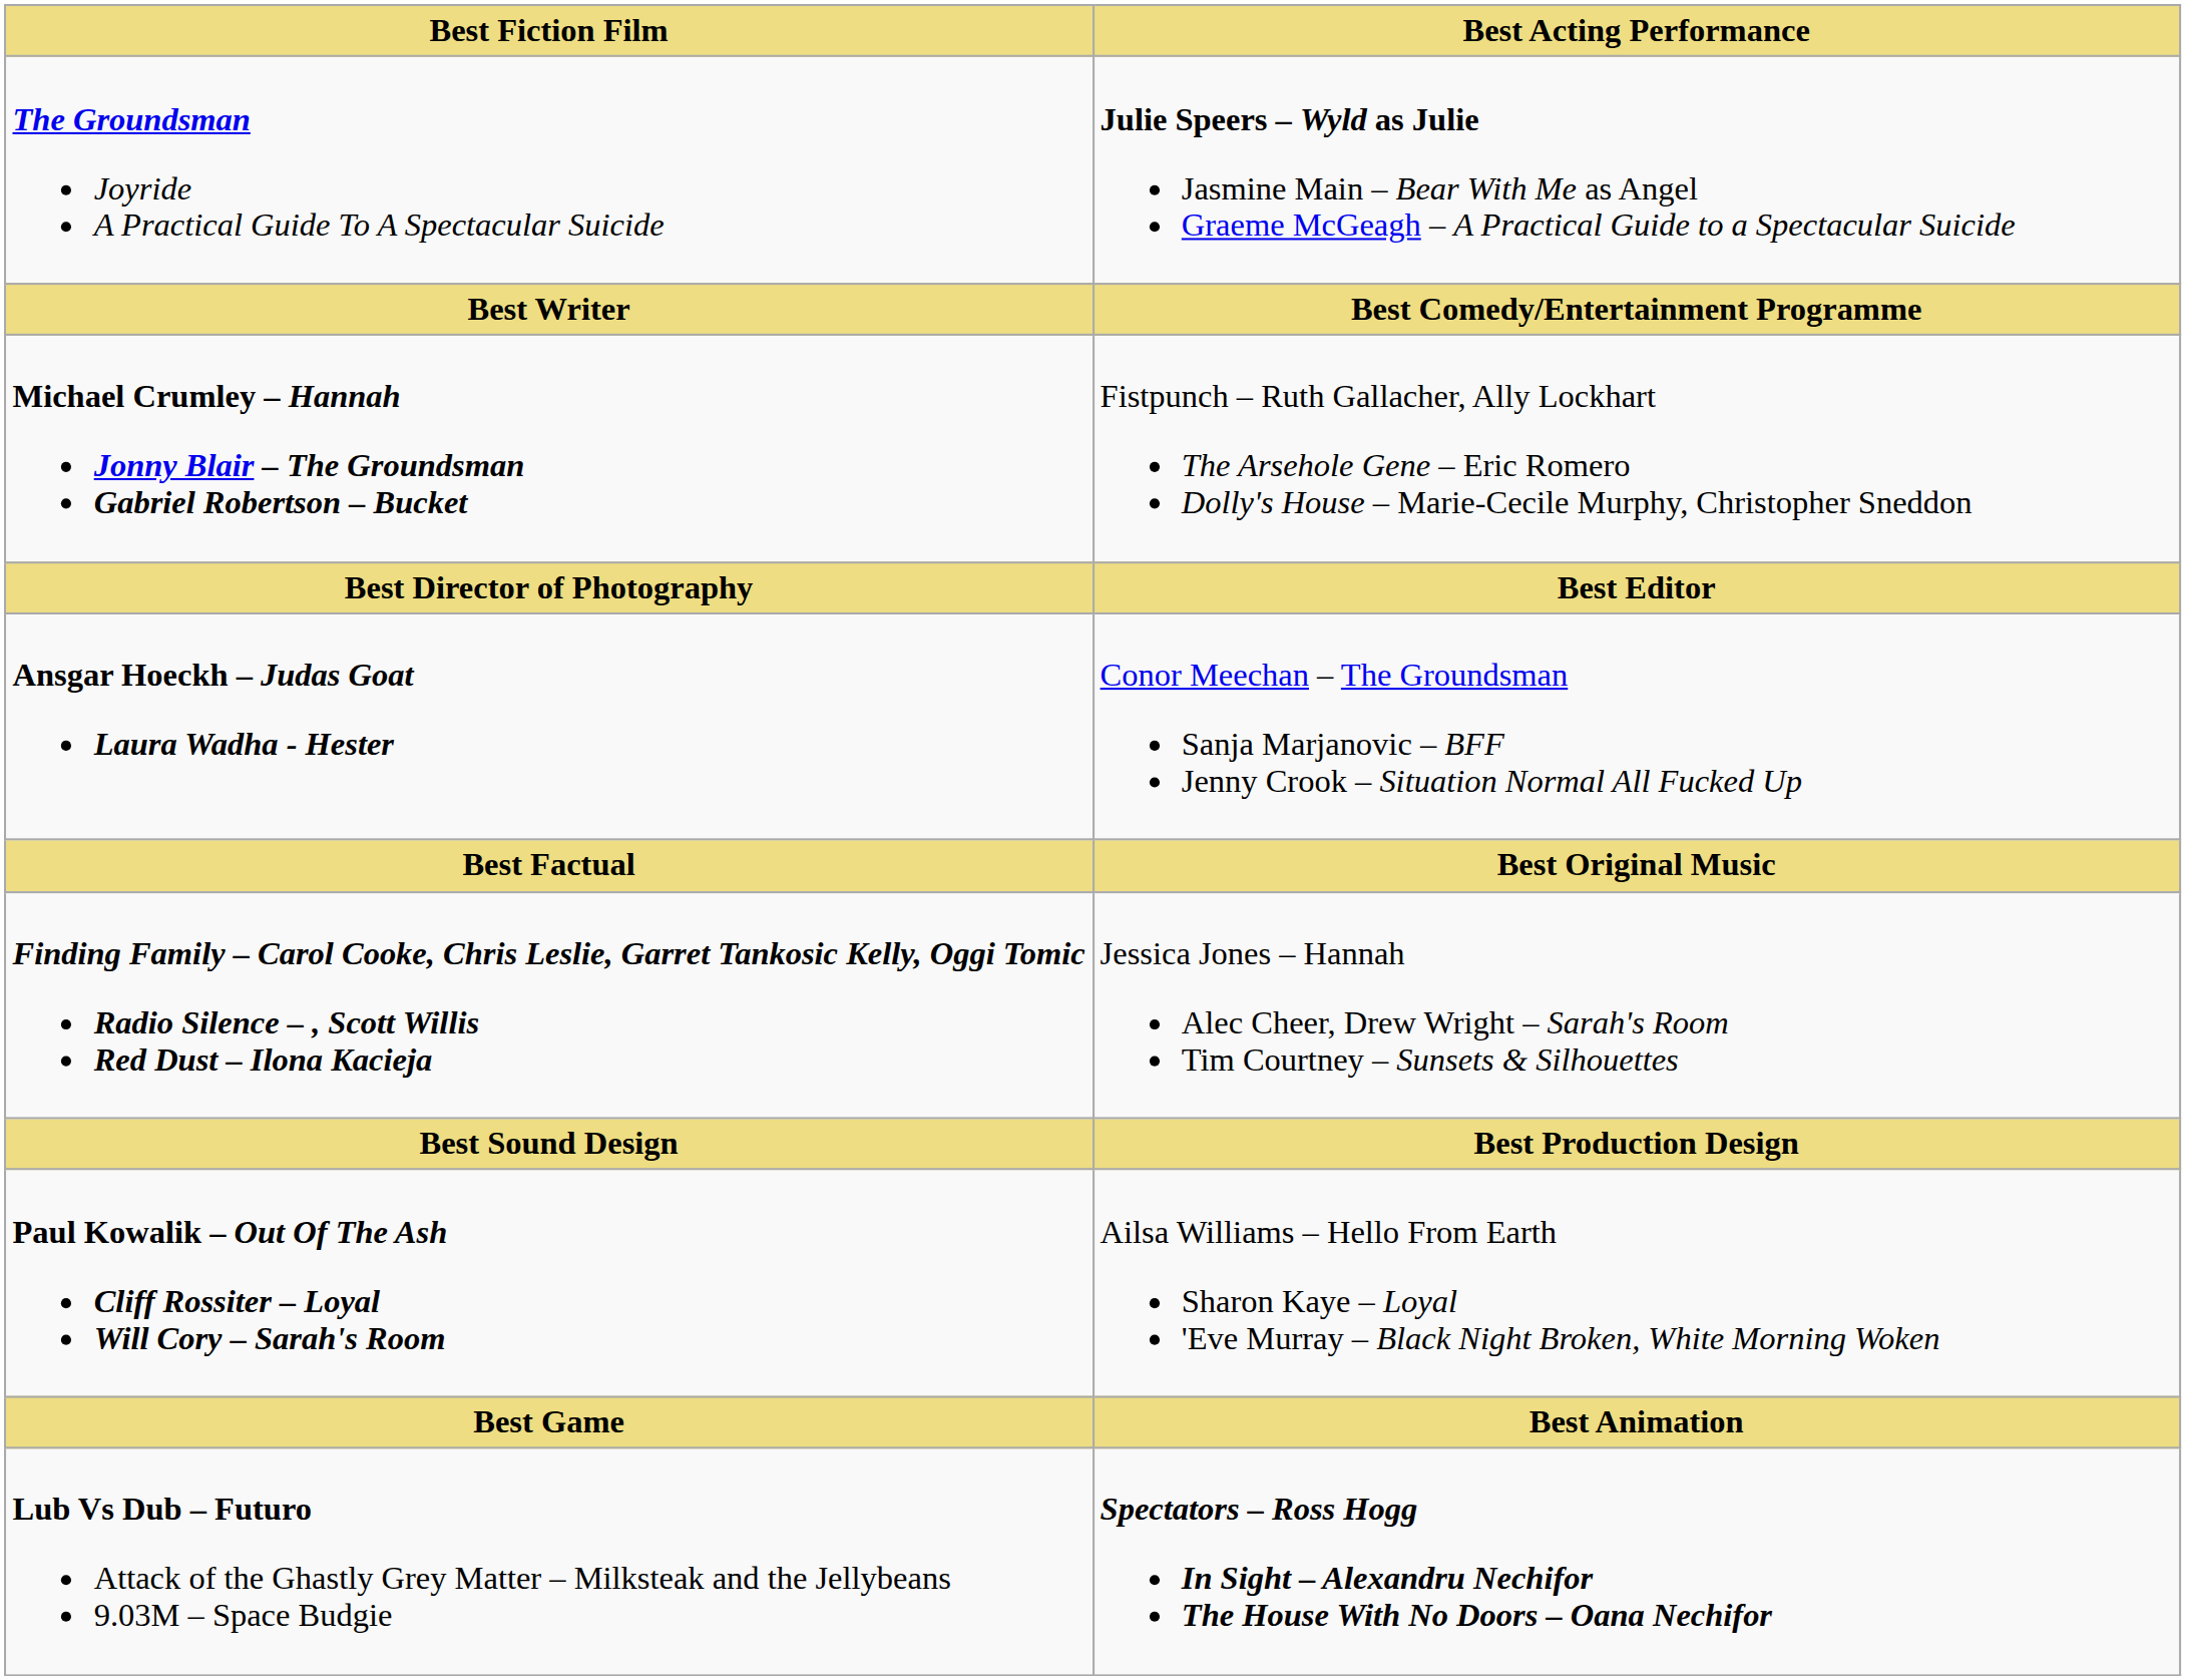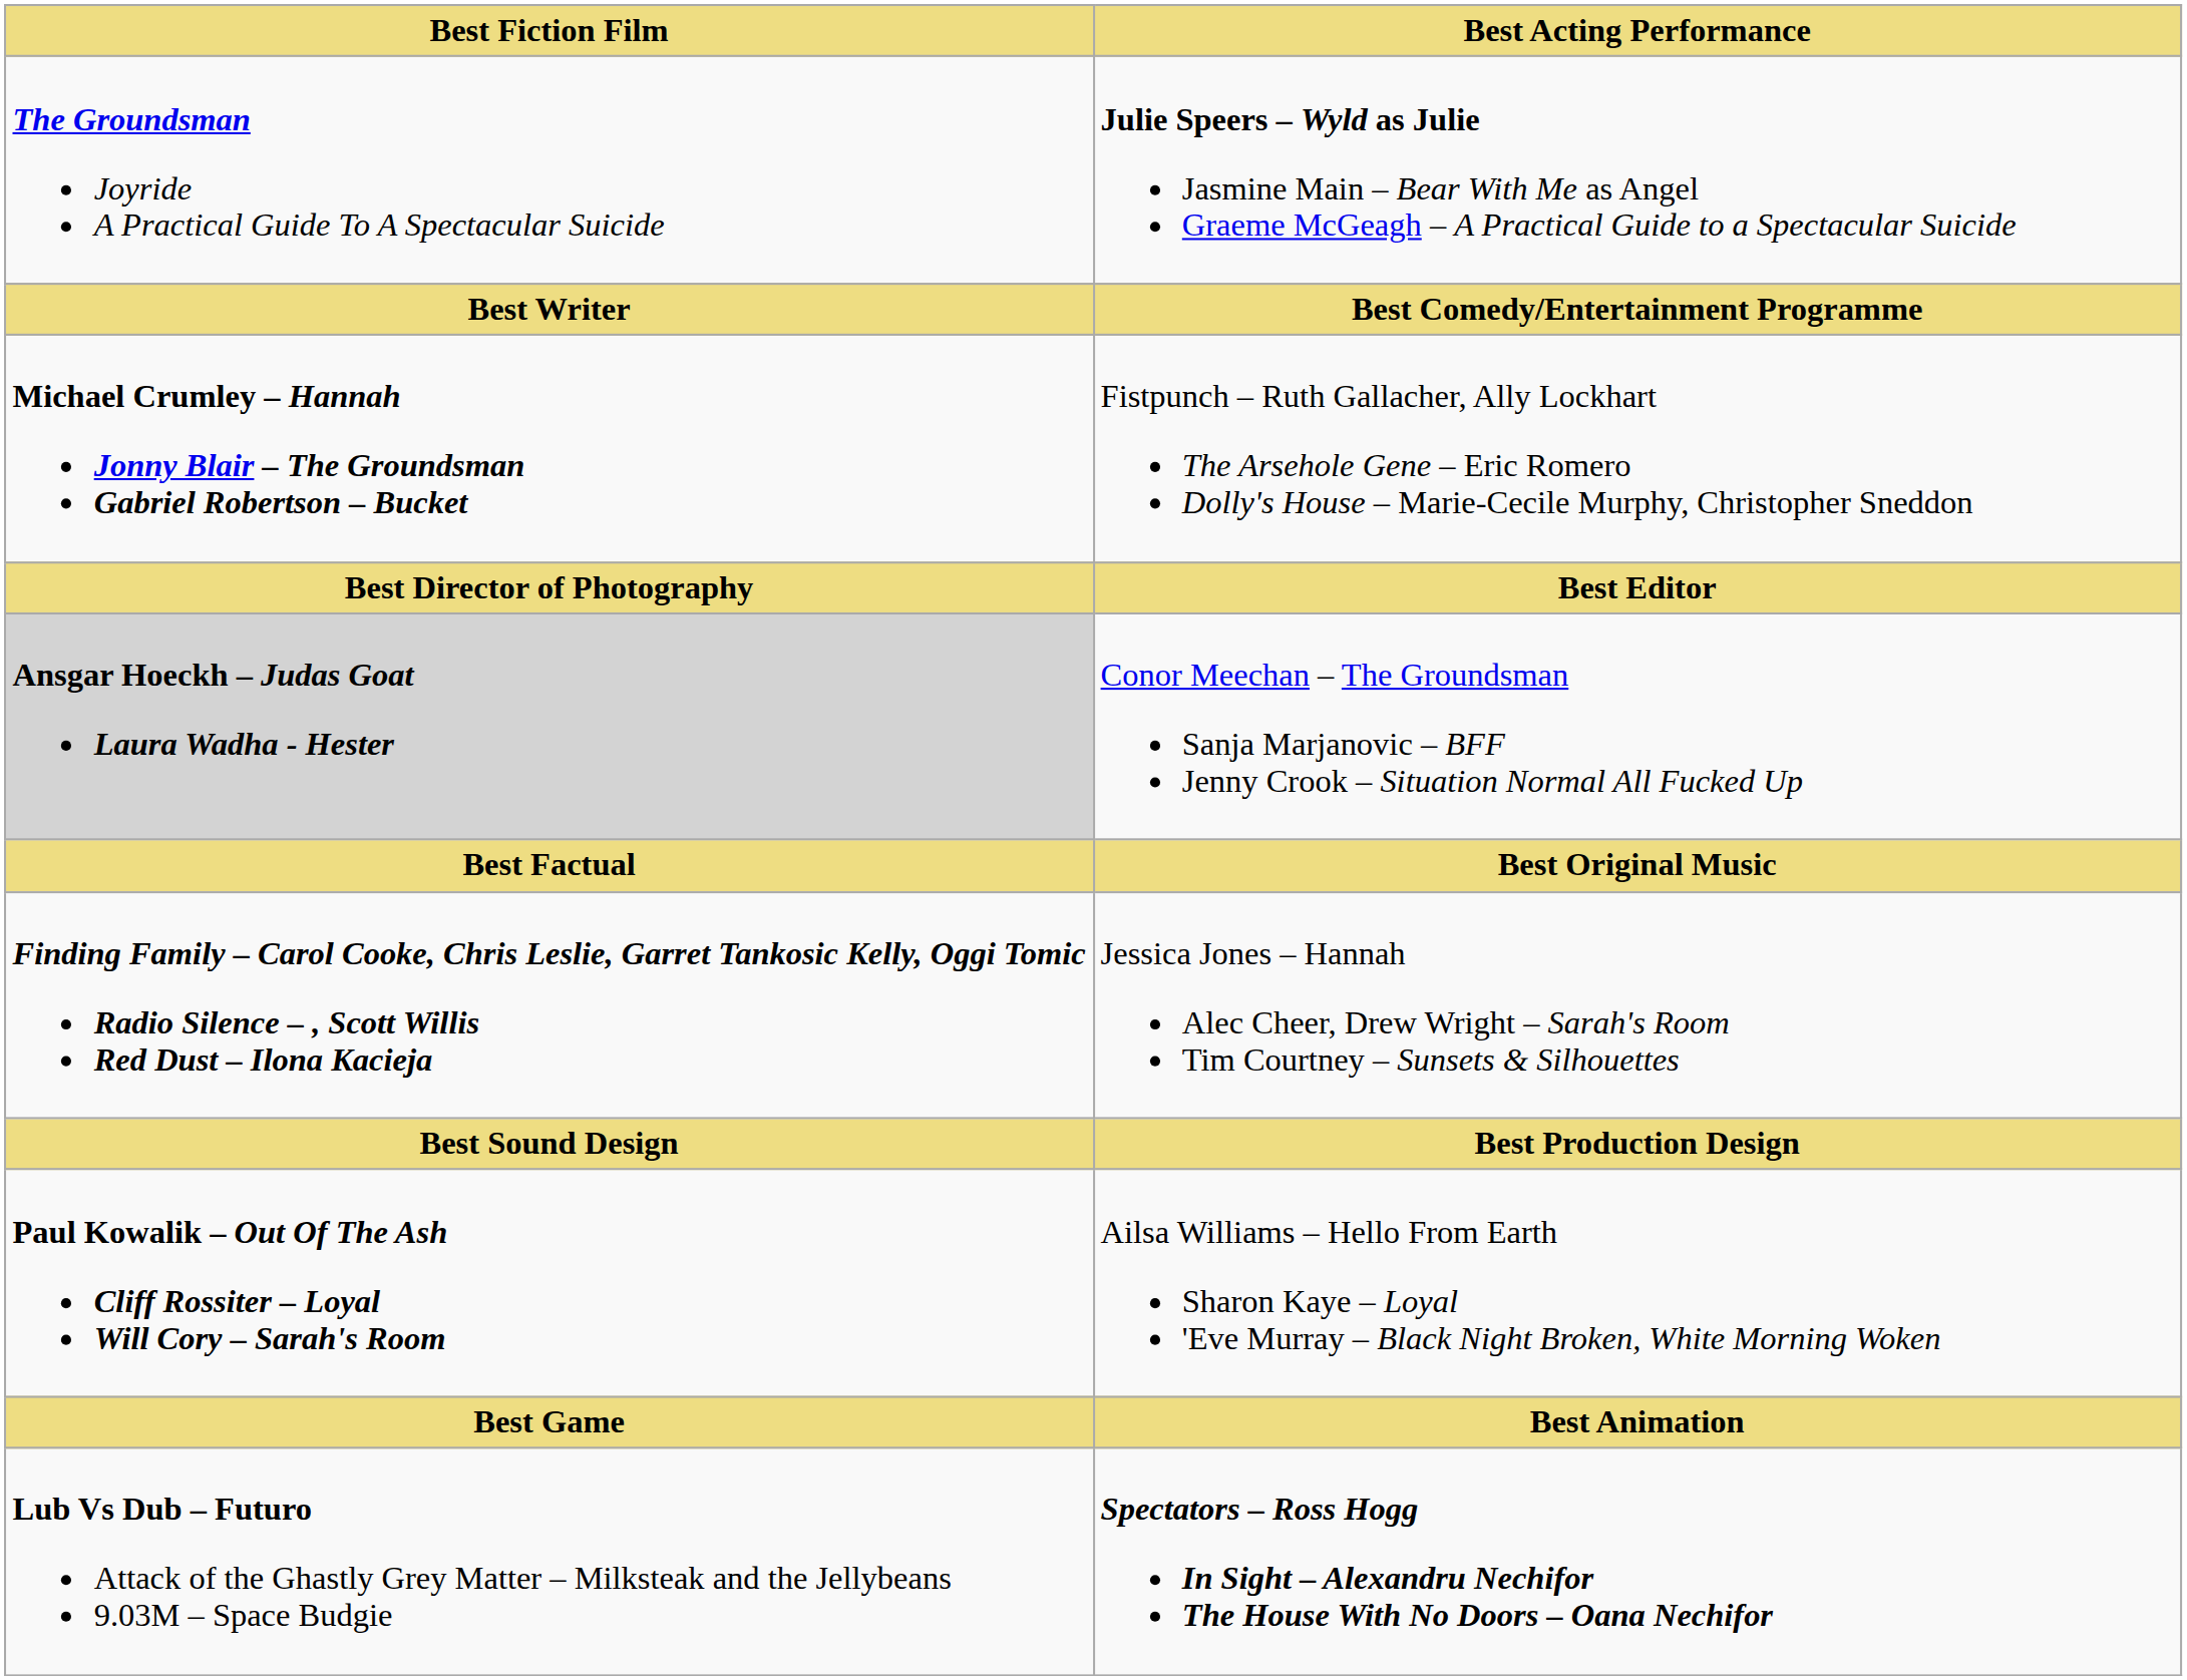 <table class=wikitable>
 <tr>
 <th style="background:#EEDD82; width:50%">Best Fiction Film</th>
 <th style="background:#EEDD82; width:50%">Best Acting Performance</th>
 </tr>
 <tr>
 <td valign="top"><br><strong><em><a href='#'>The Groundsman</a></em></strong><ul><li><em>Joyride</em></li><li><em>A Practical Guide To A Spectacular Suicide</em></li></ul></td>
 <td valign="top"><br><strong>Julie Speers – <em>Wyld</em> as Julie</strong><ul><li>Jasmine Main – <em>Bear With Me</em> as Angel</li><li><a href='#'>Graeme McGeagh</a> – <em>A Practical Guide to a Spectacular Suicide</em></li></ul></td>
 </tr>
 <tr>
 <th style="background:#EEDD82; width:50%">Best Writer</th>
 <th style="background:#EEDD82; width:50%">Best Comedy/Entertainment Programme</th>
 </tr>
 <tr>
 <td valign="top"><br><strong>Michael Crumley – <em>Hannah<strong><em><ul><li><a href='#'>Jonny Blair</a> – </em>The Groundsman<em></li><li>Gabriel Robertson – </em>Bucket<em></li></ul></td>
 <td valign="top"><br></em></strong>Fistpunch</em> – Ruth Gallacher, Ally Lockhart</strong><ul><li><em>The Arsehole Gene</em> – Eric Romero</li><li><em>Dolly's House</em> – Marie-Cecile Murphy, Christopher Sneddon</li></ul></td>
 </tr>
 <tr>
 <th style="background:#EEDD82; width:50%">Best Director of Photography</th>
 <th style="background:#EEDD82; width:50%">Best Editor</th>
 </tr>
 <tr>
-<td valign="top"><br><strong>Ansgar Hoeckh – <em>Judas Goat<strong><em><ul><li>Laura Wadha - Hester</li></ul></td>
+<td valign="top" style="background: lightgrey;"><br><strong>Ansgar Hoeckh – <em>Judas Goat<strong><em><ul><li>Laura Wadha - Hester</li></ul></td>
 <td valign="top"><br></strong><a href='#'>Conor Meechan</a> – </em><a href='#'>The Groundsman</a></em></strong><ul><li>Sanja Marjanovic – <em>BFF</em></li><li>Jenny Crook – <em>Situation Normal All Fucked Up</em></li></ul></td>
 </tr>
 <tr>
 <th style="background:#EEDD82; width:50%">Best Factual</th>
 <th style="background:#EEDD82; width:50%">Best Original Music</th>
 </tr>
 <tr>
 <td valign="top"><br><strong><em>Finding Family<em> – Carol Cooke, Chris Leslie, Garret Tankosic Kelly, Oggi Tomic<strong><ul><li></em>Radio Silence<em> – , Scott Willis</li><li></em>Red Dust<em> – Ilona Kacieja</li></ul></td>
 <td valign="top"><br></strong>Jessica Jones – </em>Hannah</em></strong><ul><li>Alec Cheer, Drew Wright – <em>Sarah's Room</em></li><li>Tim Courtney – <em>Sunsets & Silhouettes</em></li></ul></td>
 </tr>
 <tr>
 <th style="background:#EEDD82; width:50%">Best Sound Design</th>
 <th style="background:#EEDD82; width:50%">Best Production Design</th>
 </tr>
 <tr>
 <td valign="top"><br><strong>Paul Kowalik – <em>Out Of The Ash<strong><em><ul><li>Cliff Rossiter – </em>Loyal<em></li><li>Will Cory – </em>Sarah's Room<em></li></ul></td>
 <td valign="top"><br></strong>Ailsa Williams – </em>Hello From Earth</em></strong><ul><li>Sharon Kaye – <em>Loyal</em></li><li>'Eve Murray – <em>Black Night Broken, White Morning Woken</em></li></ul></td>
 </tr>
 <tr>
 <th style="background:#EEDD82; width:50%">Best Game</th>
 <th style="background:#EEDD82; width:50%">Best Animation</th>
 </tr>
 <tr>
 <td valign="top"><br><strong>Lub Vs Dub – Futuro</strong><ul><li>Attack of the Ghastly Grey Matter – Milksteak and the Jellybeans</li><li>9.03M – Space Budgie</li></ul></td>
 <td valign="top"><br><strong><em>Spectators<em> – Ross Hogg<strong><ul><li></em>In Sight<em> – Alexandru Nechifor</li><li></em>The House With No Doors<em> – Oana Nechifor</li></ul></td>
 </tr>
 <tr>
 </tr>
 </table>
